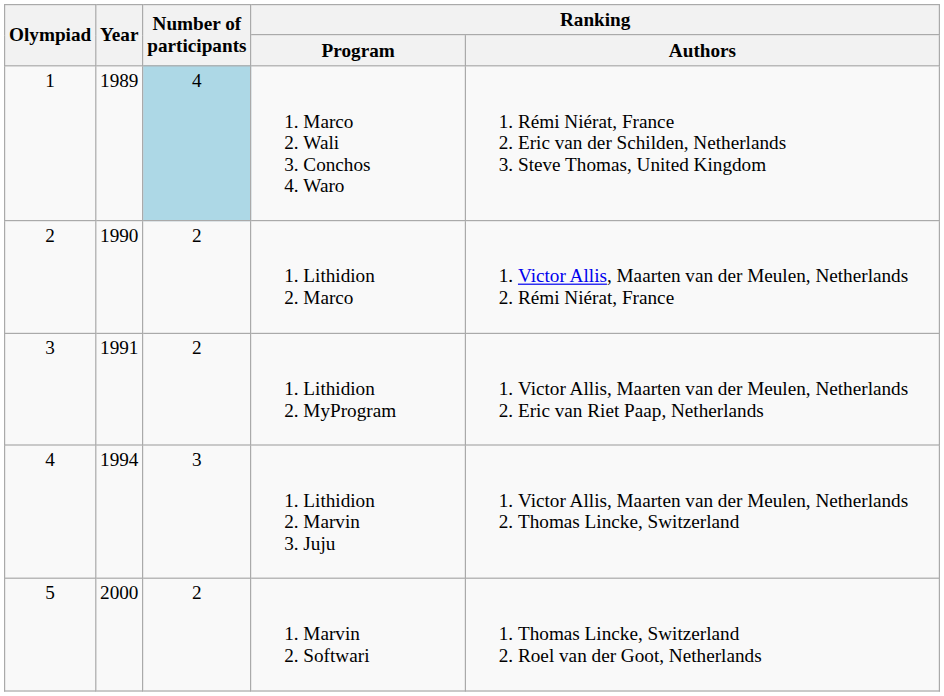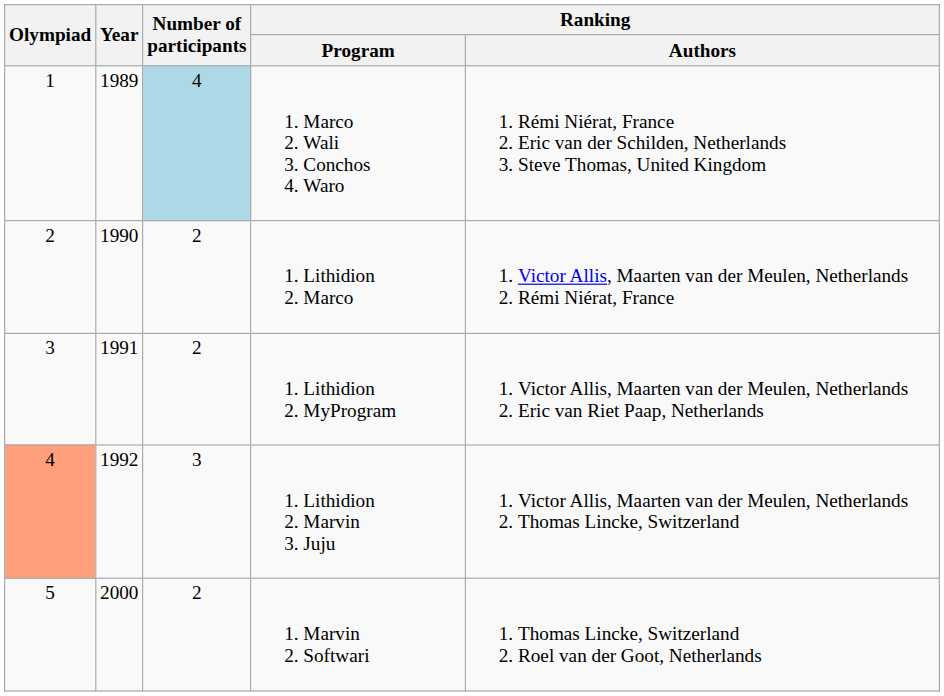 <table class="wikitable" style="width: 780px;">
 <tr align="center">
 <th rowspan=2>Olympiad</th>
 <th rowspan=2>Year</th>
 <th rowspan=2>Number of<br>participants</th>
 <th colspan=2>Ranking</th>
 </tr>
 <tr align="center">
 <th>Program</th>
 <th>Authors</th>
 </tr>
 <tr align="center" valign="top">
 <td style="width: 60px;">1</td>
 <td style="width: 30px;">1989</td>
 <td style="background: lightblue; width: 80px;">4</td>
 <td style="width: 180px;" align="left"><br><ol><li>Marco</li><li>Wali</li><li>Conchos</li><li>Waro</li></ol></td>
 <td style="width: 430px;" align=left><br><ol><li>Rémi Niérat, France</li><li>Eric van der Schilden, Netherlands</li><li>Steve Thomas, United Kingdom</li></ol></td>
 </tr>
 <tr align="center" valign="top">
 <td>2</td>
 <td>1990</td>
 <td>2</td>
 <td align="left"><br><ol><li>Lithidion</li><li>Marco</li></ol></td>
 <td align=left><br><ol><li><a href='#'>Victor Allis</a>, Maarten van der Meulen, Netherlands</li><li>Rémi Niérat, France</li></ol></td>
 </tr>
 <tr align="center" valign="top">
 <td>3</td>
 <td>1991</td>
 <td>2</td>
 <td align="left"><br><ol><li>Lithidion</li><li>MyProgram</li></ol></td>
 <td align=left><br><ol><li>Victor Allis, Maarten van der Meulen, Netherlands</li><li>Eric van Riet Paap, Netherlands</li></ol></td>
 </tr>
 <tr align="center" valign="top">
-<td>4</td>
-<td>1994</td>
+<td style="background: lightsalmon;">4</td>
+<td>1992</td>
 <td>3</td>
 <td align="left"><br><ol><li>Lithidion</li><li>Marvin</li><li>Juju</li></ol></td>
 <td align=left><br><ol><li>Victor Allis, Maarten van der Meulen, Netherlands</li><li>Thomas Lincke, Switzerland</li></ol></td>
 </tr>
 <tr align="center" valign="top">
 <td>5</td>
 <td>2000</td>
 <td>2</td>
 <td align="left"><br><ol><li>Marvin</li><li>Softwari</li></ol></td>
 <td align=left><br><ol><li>Thomas Lincke, Switzerland</li><li>Roel van der Goot, Netherlands</li></ol></td>
 </tr>
 </table>
